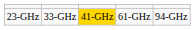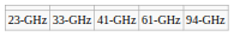 <table class="wikitable">
 <tr>
 <td></td>
 <td></td>
 <td></td>
 <td></td>
 <td></td>
 </tr>
 <tr>
 <td>23-GHz</td>
 <td>33-GHz</td>
-<td style="background: gold;">41-GHz</td>
+<td>41-GHz</td>
 <td>61-GHz</td>
 <td>94-GHz</td>
 </tr>
 </table>
